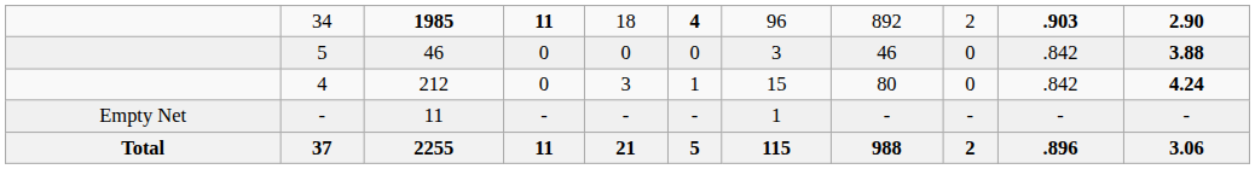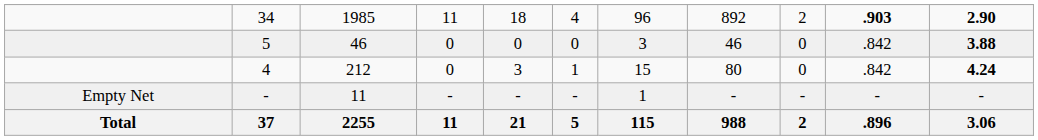 <table class="wikitable sortable" width ="1000">
 <tr align="center">
 </tr>
 <tr align="center" bgcolor="">
 <td></td>
 <td>34</td>
-<td><strong>1985</strong></td>
-<td><strong>11</strong></td>
+<td>1985</td>
+<td>11</td>
 <td>18</td>
-<td><strong>4</strong></td>
+<td>4</td>
 <td>96</td>
 <td>892</td>
 <td>2</td>
 <td><strong>.903</strong></td>
 <td><strong>2.90</strong></td>
 </tr>
 <tr align="center" bgcolor="#f0f0f0">
 <td></td>
 <td>5</td>
 <td>46</td>
 <td>0</td>
 <td>0</td>
 <td>0</td>
 <td>3</td>
 <td>46</td>
 <td>0</td>
 <td>.842</td>
 <td><strong>3.88</strong></td>
 </tr>
 <tr align="center" bgcolor="">
 <td></td>
 <td>4</td>
 <td>212</td>
 <td>0</td>
 <td>3</td>
 <td>1</td>
 <td>15</td>
 <td>80</td>
 <td>0</td>
 <td>.842</td>
 <td><strong>4.24</strong></td>
 </tr>
 <tr align="center" bgcolor="#f0f0f0">
 <td>Empty Net</td>
 <td>-</td>
 <td>11</td>
 <td>-</td>
 <td>-</td>
 <td>-</td>
 <td>1</td>
 <td>-</td>
 <td>-</td>
 <td>-</td>
 <td>-</td>
 </tr>
 <tr>
 <th>Total</th>
 <th>37</th>
 <th>2255</th>
 <th>11</th>
 <th>21</th>
 <th>5</th>
 <th>115</th>
 <th>988</th>
 <th>2</th>
 <th>.896</th>
 <th>3.06</th>
 </tr>
 </table>
